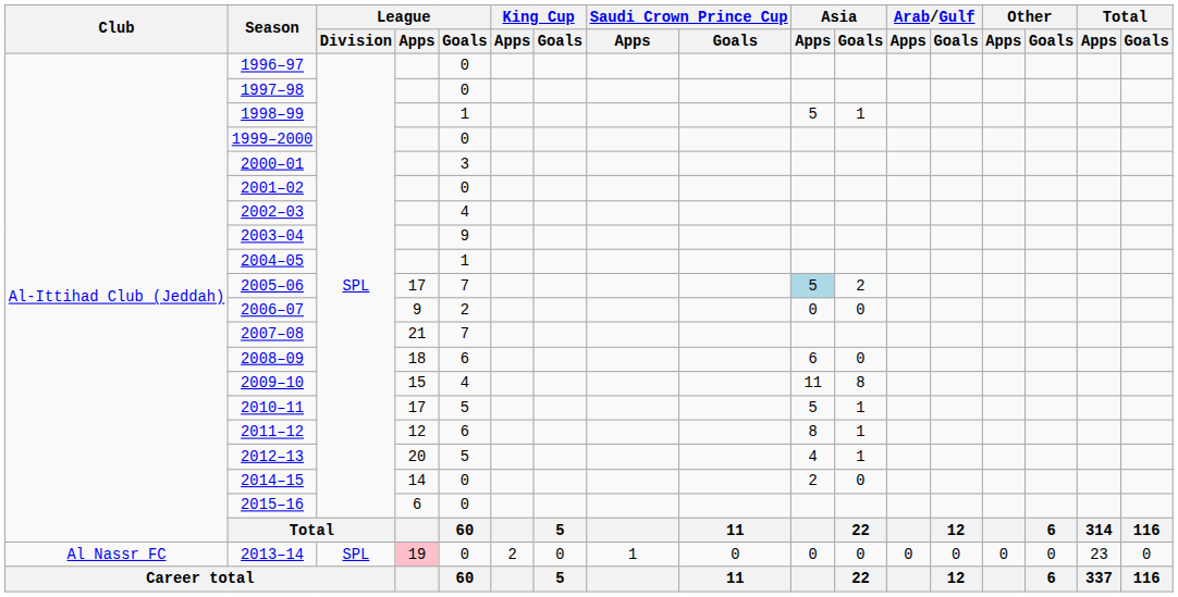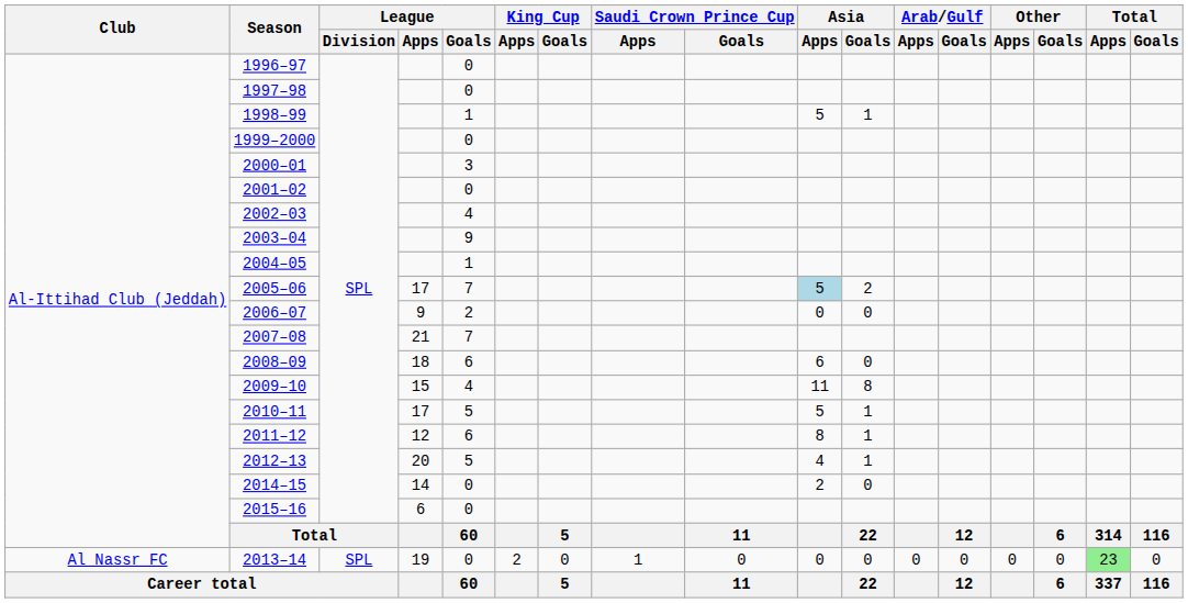 <table class="wikitable" style="text-align: center;">
 <tr>
 <th rowspan="2">Club</th>
 <th rowspan="2">Season</th>
 <th colspan="3">League</th>
 <th colspan="2"><a href='#'>King Cup</a></th>
 <th colspan="2"><a href='#'>Saudi Crown Prince Cup</a></th>
 <th colspan="2">Asia</th>
 <th colspan="2"><a href='#'>Arab</a>/<a href='#'>Gulf</a></th>
 <th colspan="2">Other</th>
 <th colspan="2">Total</th>
 </tr>
 <tr>
 <th>Division</th>
 <th>Apps</th>
 <th>Goals</th>
 <th>Apps</th>
 <th>Goals</th>
 <th>Apps</th>
 <th>Goals</th>
 <th>Apps</th>
 <th>Goals</th>
 <th>Apps</th>
 <th>Goals</th>
 <th>Apps</th>
 <th>Goals</th>
 <th>Apps</th>
 <th>Goals</th>
 </tr>
 <tr>
 <td rowspan=20><a href='#'>Al-Ittihad Club (Jeddah)</a></td>
 <td><a href='#'>1996–97</a></td>
 <td rowspan=19><a href='#'>SPL</a></td>
 <td></td>
 <td>0</td>
 <td></td>
 <td></td>
 <td></td>
 <td></td>
 <td></td>
 <td></td>
 <td></td>
 <td></td>
 <td></td>
 <td></td>
 <td></td>
 <td></td>
 </tr>
 <tr>
 <td><a href='#'>1997–98</a></td>
 <td></td>
 <td>0</td>
 <td></td>
 <td></td>
 <td></td>
 <td></td>
 <td></td>
 <td></td>
 <td></td>
 <td></td>
 <td></td>
 <td></td>
 <td></td>
 <td></td>
 </tr>
 <tr>
 <td><a href='#'>1998–99</a></td>
 <td></td>
 <td>1</td>
 <td></td>
 <td></td>
 <td></td>
 <td></td>
 <td>5</td>
 <td>1</td>
 <td></td>
 <td></td>
 <td></td>
 <td></td>
 <td></td>
 <td></td>
 </tr>
 <tr>
 <td><a href='#'>1999–2000</a></td>
 <td></td>
 <td>0</td>
 <td></td>
 <td></td>
 <td></td>
 <td></td>
 <td></td>
 <td></td>
 <td></td>
 <td></td>
 <td></td>
 <td></td>
 <td></td>
 <td></td>
 </tr>
 <tr>
 <td><a href='#'>2000–01</a></td>
 <td></td>
 <td>3</td>
 <td></td>
 <td></td>
 <td></td>
 <td></td>
 <td></td>
 <td></td>
 <td></td>
 <td></td>
 <td></td>
 <td></td>
 <td></td>
 <td></td>
 </tr>
 <tr>
 <td><a href='#'>2001–02</a></td>
 <td></td>
 <td>0</td>
 <td></td>
 <td></td>
 <td></td>
 <td></td>
 <td></td>
 <td></td>
 <td></td>
 <td></td>
 <td></td>
 <td></td>
 <td></td>
 <td></td>
 </tr>
 <tr>
 <td><a href='#'>2002–03</a></td>
 <td></td>
 <td>4</td>
 <td></td>
 <td></td>
 <td></td>
 <td></td>
 <td></td>
 <td></td>
 <td></td>
 <td></td>
 <td></td>
 <td></td>
 <td></td>
 <td></td>
 </tr>
 <tr>
 <td><a href='#'>2003–04</a></td>
 <td></td>
 <td>9</td>
 <td></td>
 <td></td>
 <td></td>
 <td></td>
 <td></td>
 <td></td>
 <td></td>
 <td></td>
 <td></td>
 <td></td>
 <td></td>
 <td></td>
 </tr>
 <tr>
 <td><a href='#'>2004–05</a></td>
 <td></td>
 <td>1</td>
 <td></td>
 <td></td>
 <td></td>
 <td></td>
 <td></td>
 <td></td>
 <td></td>
 <td></td>
 <td></td>
 <td></td>
 <td></td>
 <td></td>
 </tr>
 <tr>
 <td><a href='#'>2005–06</a></td>
 <td>17</td>
 <td>7</td>
 <td></td>
 <td></td>
 <td></td>
 <td></td>
 <td style="background: lightblue;">5</td>
 <td>2</td>
 <td></td>
 <td></td>
 <td></td>
 <td></td>
 <td></td>
 <td></td>
 </tr>
 <tr>
 <td><a href='#'>2006–07</a></td>
 <td>9</td>
 <td>2</td>
 <td></td>
 <td></td>
 <td></td>
 <td></td>
 <td>0</td>
 <td>0</td>
 <td></td>
 <td></td>
 <td></td>
 <td></td>
 <td></td>
 <td></td>
 </tr>
 <tr>
 <td><a href='#'>2007–08</a></td>
 <td>21</td>
 <td>7</td>
 <td></td>
 <td></td>
 <td></td>
 <td></td>
 <td></td>
 <td></td>
 <td></td>
 <td></td>
 <td></td>
 <td></td>
 <td></td>
 <td></td>
 </tr>
 <tr>
 <td><a href='#'>2008–09</a></td>
 <td>18</td>
 <td>6</td>
 <td></td>
 <td></td>
 <td></td>
 <td></td>
 <td>6</td>
 <td>0</td>
 <td></td>
 <td></td>
 <td></td>
 <td></td>
 <td></td>
 <td></td>
 </tr>
 <tr>
 <td><a href='#'>2009–10</a></td>
 <td>15</td>
 <td>4</td>
 <td></td>
 <td></td>
 <td></td>
 <td></td>
 <td>11</td>
 <td>8</td>
 <td></td>
 <td></td>
 <td></td>
 <td></td>
 <td></td>
 <td></td>
 </tr>
 <tr>
 <td><a href='#'>2010–11</a></td>
 <td>17</td>
 <td>5</td>
 <td></td>
 <td></td>
 <td></td>
 <td></td>
 <td>5</td>
 <td>1</td>
 <td></td>
 <td></td>
 <td></td>
 <td></td>
 <td></td>
 <td></td>
 </tr>
 <tr>
 <td><a href='#'>2011–12</a></td>
 <td>12</td>
 <td>6</td>
 <td></td>
 <td></td>
 <td></td>
 <td></td>
 <td>8</td>
 <td>1</td>
 <td></td>
 <td></td>
 <td></td>
 <td></td>
 <td></td>
 <td></td>
 </tr>
 <tr>
 <td><a href='#'>2012–13</a></td>
 <td>20</td>
 <td>5</td>
 <td></td>
 <td></td>
 <td></td>
 <td></td>
 <td>4</td>
 <td>1</td>
 <td></td>
 <td></td>
 <td></td>
 <td></td>
 <td></td>
 <td></td>
 </tr>
 <tr>
 <td><a href='#'>2014–15</a></td>
 <td>14</td>
 <td>0</td>
 <td></td>
 <td></td>
 <td></td>
 <td></td>
 <td>2</td>
 <td>0</td>
 <td></td>
 <td></td>
 <td></td>
 <td></td>
 <td></td>
 <td></td>
 </tr>
 <tr>
 <td><a href='#'>2015–16</a></td>
 <td>6</td>
 <td>0</td>
 <td></td>
 <td></td>
 <td></td>
 <td></td>
 <td></td>
 <td></td>
 <td></td>
 <td></td>
 <td></td>
 <td></td>
 <td></td>
 <td></td>
 </tr>
 <tr>
 <th colspan="2">Total</th>
 <th></th>
 <th>60</th>
 <th></th>
 <th>5</th>
 <th></th>
 <th>11</th>
 <th></th>
 <th>22</th>
 <th></th>
 <th>12</th>
 <th></th>
 <th>6</th>
 <th>314</th>
 <th>116</th>
 </tr>
 <tr>
 <td><a href='#'>Al Nassr FC</a></td>
 <td><a href='#'>2013–14</a></td>
 <td><a href='#'>SPL</a></td>
-<td style="background: pink;">19</td>
+<td>19</td>
 <td>0</td>
 <td>2</td>
 <td>0</td>
 <td>1</td>
 <td>0</td>
 <td>0</td>
 <td>0</td>
 <td>0</td>
 <td>0</td>
 <td>0</td>
 <td>0</td>
-<td>23</td>
+<td style="background: lightgreen;">23</td>
 <td>0</td>
 </tr>
 <tr>
 <th colspan=3>Career total</th>
 <th></th>
 <th>60</th>
 <th></th>
 <th>5</th>
 <th></th>
 <th>11</th>
 <th></th>
 <th>22</th>
 <th></th>
 <th>12</th>
 <th></th>
 <th>6</th>
 <th>337</th>
 <th>116</th>
 </tr>
 </table>
